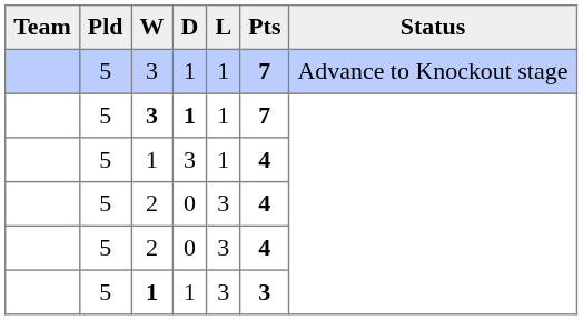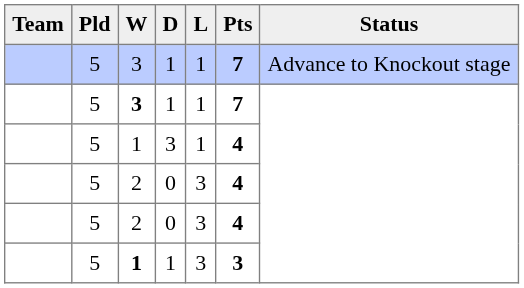 <table style=border-collapse:collapse border=1 cellspacing=0 cellpadding=5>
 <tr align=center bgcolor=#efefef>
 <th>Team</th>
 <th>Pld</th>
 <th>W</th>
 <th>D</th>
 <th>L</th>
 <th>Pts</th>
 <th>Status</th>
 </tr>
 <tr align=center style="background:#bbccff;">
 <td style="text-align:left;"> </td>
 <td>5</td>
 <td>3</td>
 <td>1</td>
 <td>1</td>
 <td><strong>7</strong></td>
 <td rowspan=1>Advance to Knockout stage</td>
 </tr>
 <tr align=center style="background:#FFFFFF;">
 <td style="text-align:left;"> </td>
 <td>5</td>
 <td><strong>3</strong></td>
-<td><strong>1</strong></td>
+<td>1</td>
 <td>1</td>
 <td><strong>7</strong></td>
 <td rowspan=5></td>
 </tr>
 <tr align=center style="background:#FFFFFF;">
 <td style="text-align:left;"> </td>
 <td>5</td>
 <td>1</td>
 <td>3</td>
 <td>1</td>
 <td><strong>4</strong></td>
 </tr>
 <tr align=center style="background:#FFFFFF;">
 <td style="text-align:left;"> </td>
 <td>5</td>
 <td>2</td>
 <td>0</td>
 <td>3</td>
 <td><strong>4</strong></td>
 </tr>
 <tr align=center style="background:#FFFFFF;">
 <td style="text-align:left;"> </td>
 <td>5</td>
 <td>2</td>
 <td>0</td>
 <td>3</td>
 <td><strong>4</strong></td>
 </tr>
 <tr align=center style="background:#FFFFFF;">
 <td style="text-align:left;"> </td>
 <td>5</td>
 <td><strong>1</strong></td>
 <td>1</td>
 <td>3</td>
 <td><strong>3</strong></td>
 </tr>
 </table>
